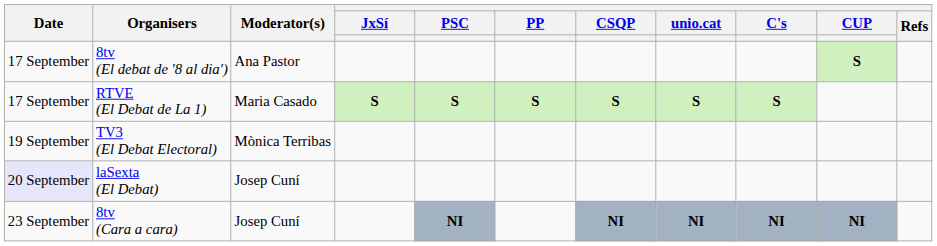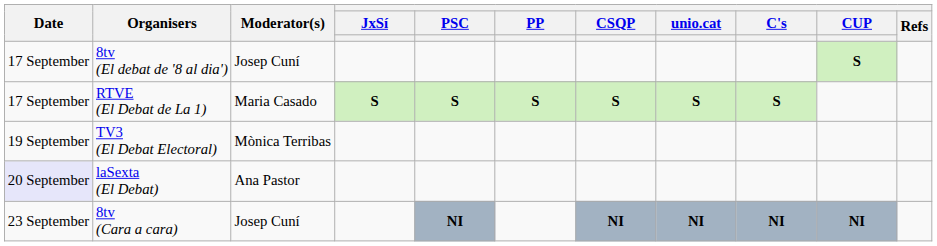 <table class="wikitable" style="text-align:center;">
 <tr>
 <th rowspan="3">Date</th>
 <th rowspan="3">Organisers</th>
 <th rowspan="3">Moderator(s)</th>
 <th colspan="9">        </th>
 </tr>
 <tr>
 <th scope="col" style="width:5em;"><a href='#'>JxSí</a></th>
 <th scope="col" style="width:5em;"><a href='#'>PSC</a></th>
 <th scope="col" style="width:5em;"><a href='#'>PP</a></th>
 <th scope="col" style="width:5em;"><a href='#'>CSQP</a></th>
 <th scope="col" style="width:5em;"><a href='#'>unio.cat</a></th>
 <th scope="col" style="width:5em;"><a href='#'>C's</a></th>
 <th scope="col" style="width:5em;"><a href='#'>CUP</a></th>
 <th rowspan="2">Refs</th>
 </tr>
 <tr>
 <th style="color:inherit;background:"></th>
 <th style="color:inherit;background:"></th>
 <th style="color:inherit;background:"></th>
 <th style="color:inherit;background:"></th>
 <th style="color:inherit;background:"></th>
 <th style="color:inherit;background:"></th>
 <th style="color:inherit;background:"></th>
 </tr>
 <tr>
 <td style="white-space:nowrap; text-align:left;">17 September</td>
 <td style="white-space:nowrap; text-align:left;"><a href='#'>8tv</a><br><em>(El debat de '8 al dia')</em></td>
-<td style="white-space:nowrap; text-align:left;">Ana Pastor</td>
+<td style="white-space:nowrap; text-align:left;">Josep Cuní</td>
 <td></td>
 <td></td>
 <td></td>
 <td></td>
 <td></td>
 <td></td>
 <td style="background:#D0F0C0;"><strong>S</strong><br></td>
 <td></td>
 </tr>
 <tr>
 <td style="white-space:nowrap; text-align:left;">17 September</td>
 <td style="white-space:nowrap; text-align:left;"><a href='#'>RTVE</a><br><em>(El Debat de La 1)</em></td>
 <td style="white-space:nowrap; text-align:left;">Maria Casado</td>
 <td style="background:#D0F0C0;"><strong>S</strong><br></td>
 <td style="background:#D0F0C0;"><strong>S</strong><br></td>
 <td style="background:#D0F0C0;"><strong>S</strong><br></td>
 <td style="background:#D0F0C0;"><strong>S</strong><br></td>
 <td style="background:#D0F0C0;"><strong>S</strong><br></td>
 <td style="background:#D0F0C0;"><strong>S</strong><br></td>
 <td></td>
 <td></td>
 </tr>
 <tr>
 <td style="white-space:nowrap; text-align:left;">19 September</td>
 <td style="white-space:nowrap; text-align:left;"><a href='#'>TV3</a><br><em>(El Debat Electoral)</em></td>
 <td style="white-space:nowrap; text-align:left;">Mònica Terribas</td>
 <td></td>
 <td></td>
 <td></td>
 <td></td>
 <td></td>
 <td></td>
 <td></td>
 <td></td>
 </tr>
 <tr>
 <td style="background: lavender; white-space:nowrap; text-align:left;">20 September</td>
 <td style="white-space:nowrap; text-align:left;"><a href='#'>laSexta</a><br><em>(El Debat)</em></td>
-<td style="white-space:nowrap; text-align:left;">Josep Cuní</td>
+<td style="white-space:nowrap; text-align:left;">Ana Pastor</td>
 <td></td>
 <td></td>
 <td></td>
 <td></td>
 <td></td>
 <td></td>
 <td></td>
 <td></td>
 </tr>
 <tr>
 <td style="white-space:nowrap; text-align:left;">23 September</td>
 <td style="white-space:nowrap; text-align:left;"><a href='#'>8tv</a><br><em>(Cara a cara)</em></td>
 <td style="white-space:nowrap; text-align:left;">Josep Cuní</td>
 <td></td>
 <td style="background:#A2B2C2;"><strong>NI</strong></td>
 <td></td>
 <td style="background:#A2B2C2;"><strong>NI</strong></td>
 <td style="background:#A2B2C2;"><strong>NI</strong></td>
 <td style="background:#A2B2C2;"><strong>NI</strong></td>
 <td style="background:#A2B2C2;"><strong>NI</strong></td>
 <td></td>
 </tr>
 </table>
